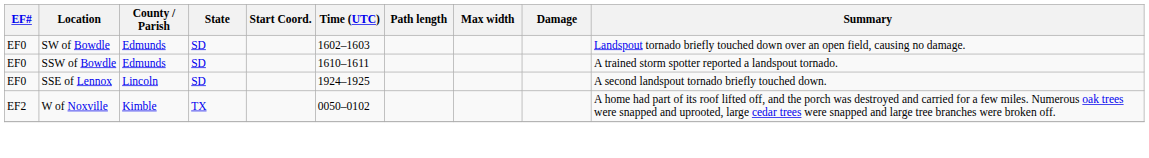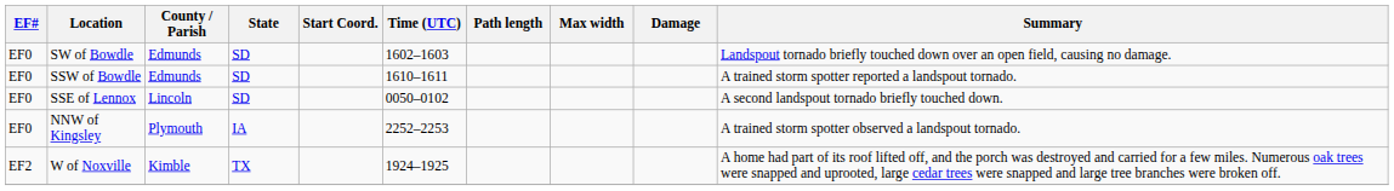 <table class="wikitable sortable" style="width:100%;">
 <tr>
 <th scope="col" width="3%" align="center"><a href='#'>EF#</a></th>
 <th scope="col" width="7%" align="center" class="unsortable">Location</th>
 <th scope="col" width="6%" align="center" class="unsortable">County / Parish</th>
 <th scope="col" width="5%" align="center">State</th>
 <th scope="col" width="6%" align="center">Start Coord.</th>
 <th scope="col" width="6%" align="center">Time (<a href='#'>UTC</a>)</th>
 <th scope="col" width="6%" align="center">Path length</th>
 <th scope="col" width="6%" align="center">Max width</th>
 <th scope="col" width="6%" align="center">Damage</th>
 <th scope="col" width="48%" class="unsortable" align="center">Summary</th>
 </tr>
 <tr>
 <td>EF0</td>
 <td>SW of <a href='#'>Bowdle</a></td>
 <td><a href='#'>Edmunds</a></td>
 <td><a href='#'>SD</a></td>
 <td></td>
 <td>1602–1603</td>
 <td></td>
 <td></td>
 <td></td>
 <td><a href='#'>Landspout</a> tornado briefly touched down over an open field, causing no damage.</td>
 </tr>
 <tr>
 <td>EF0</td>
 <td>SSW of <a href='#'>Bowdle</a></td>
 <td><a href='#'>Edmunds</a></td>
 <td><a href='#'>SD</a></td>
 <td></td>
 <td>1610–1611</td>
 <td></td>
 <td></td>
 <td></td>
 <td>A trained storm spotter reported a landspout tornado.</td>
 </tr>
 <tr>
 <td>EF0</td>
 <td>SSE of <a href='#'>Lennox</a></td>
 <td><a href='#'>Lincoln</a></td>
 <td><a href='#'>SD</a></td>
 <td></td>
-<td>1924–1925</td>
+<td>0050–0102</td>
 <td></td>
 <td></td>
 <td></td>
 <td>A second landspout tornado briefly touched down.</td>
+</tr>
+<tr>
+<td>EF0</td>
+<td>NNW of <a href='#'>Kingsley</a></td>
+<td><a href='#'>Plymouth</a></td>
+<td><a href='#'>IA</a></td>
+<td></td>
+<td>2252–2253</td>
+<td></td>
+<td></td>
+<td></td>
+<td>A trained storm spotter observed a landspout tornado.</td>
 </tr>
 <tr>
 <td>EF2</td>
 <td>W of <a href='#'>Noxville</a></td>
 <td><a href='#'>Kimble</a></td>
 <td><a href='#'>TX</a></td>
 <td></td>
-<td>0050–0102</td>
+<td>1924–1925</td>
 <td></td>
 <td></td>
 <td></td>
 <td>A home had part of its roof lifted off, and the porch was destroyed and carried for a few miles. Numerous <a href='#'>oak trees</a> were snapped and uprooted, large <a href='#'>cedar trees</a> were snapped and large tree branches were broken off.</td>
 </tr>
 <tr>
 </tr>
 </table>
